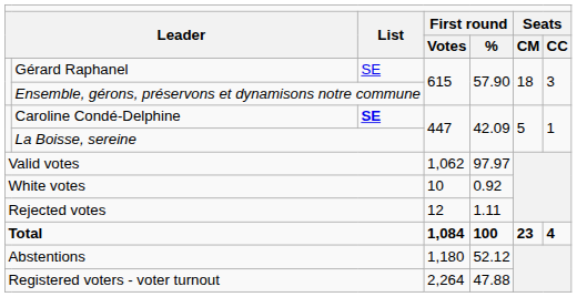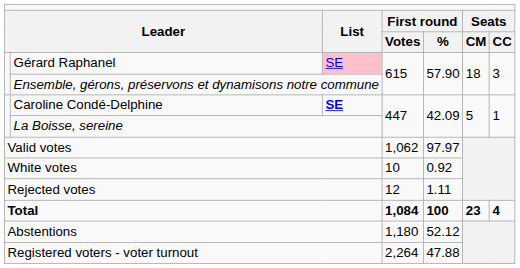 <table class="wikitable">
 <tr>
 <td colspan="7"></td>
 </tr>
 <tr>
 <th colspan="2" rowspan="2">Leader</th>
 <th rowspan="2">List</th>
 <th colspan="2">First round</th>
 <th colspan="2">Seats</th>
 </tr>
 <tr>
 <th>Votes</th>
 <th>%</th>
 <th>CM</th>
 <th>CC</th>
 </tr>
 <tr>
 <td rowspan="2" bgcolor=></td>
 <td>Gérard Raphanel</td>
-<td><a href='#'>SE</a></td>
+<td style="background: pink;"><a href='#'>SE</a></td>
 <td rowspan="2">615</td>
 <td rowspan="2">57.90</td>
 <td rowspan="2">18</td>
 <td rowspan="2">3</td>
 </tr>
 <tr>
 <td colspan="2"><em>Ensemble, gérons, préservons et dynamisons notre commune</em></td>
 </tr>
 <tr>
 <td rowspan="2" bgcolor=></td>
 <td>Caroline Condé-Delphine</td>
 <td><strong><a href='#'>SE</a></strong></td>
 <td rowspan="2">447</td>
 <td rowspan="2">42.09</td>
 <td rowspan="2">5</td>
 <td rowspan="2">1</td>
 </tr>
 <tr>
 <td colspan="2"><em>La Boisse, sereine</em></td>
 </tr>
 <tr>
 <td colspan="3">Valid votes</td>
 <td>1,062</td>
 <td>97.97</td>
 <th colspan="2" rowspan="3"></th>
 </tr>
 <tr>
 <td colspan="3">White votes</td>
 <td>10</td>
 <td>0.92</td>
 </tr>
 <tr>
 <td colspan="3">Rejected votes</td>
 <td>12</td>
 <td>1.11</td>
 </tr>
 <tr>
 <td colspan="3"><strong>Total</strong></td>
 <td><strong>1,084</strong></td>
 <td><strong>100</strong></td>
 <td><strong>23</strong></td>
 <td><strong>4</strong></td>
 </tr>
 <tr>
 <td colspan="3">Abstentions</td>
 <td>1,180</td>
 <td>52.12</td>
 <th colspan="2" rowspan="2"></th>
 </tr>
 <tr>
 <td colspan="3">Registered voters - voter turnout</td>
 <td>2,264</td>
 <td>47.88</td>
 </tr>
 </table>
